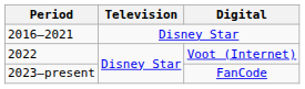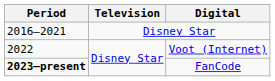 <table class="wikitable">
 <tr>
 <th>Period</th>
 <th>Television</th>
 <th>Digital</th>
 </tr>
 <tr>
 <td>2016–2021</td>
 <td align="center" colspan="2"><a href='#'>Disney Star</a></td>
 </tr>
 <tr>
 <td>2022</td>
 <td align="center" rowspan="2"><a href='#'>Disney Star</a></td>
 <td align="center"><a href='#'>Voot (Internet)</a></td>
 </tr>
 <tr>
-<td>2023–present</td>
+<td><strong>2023–present</strong></td>
 <td align="center"><a href='#'>FanCode</a></td>
 </tr>
 </table>
